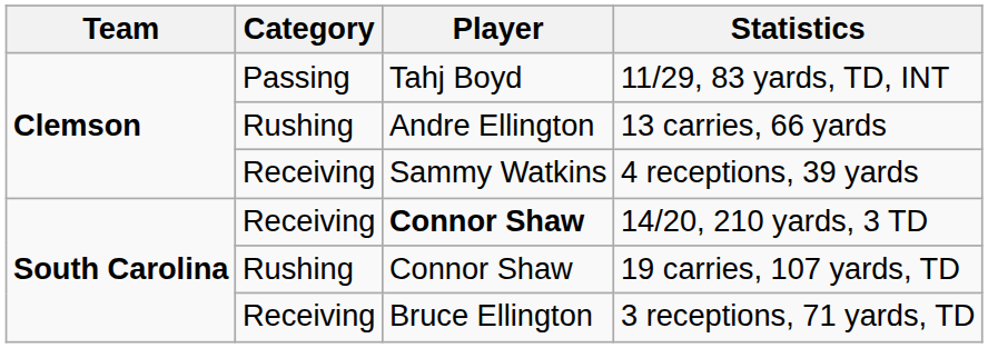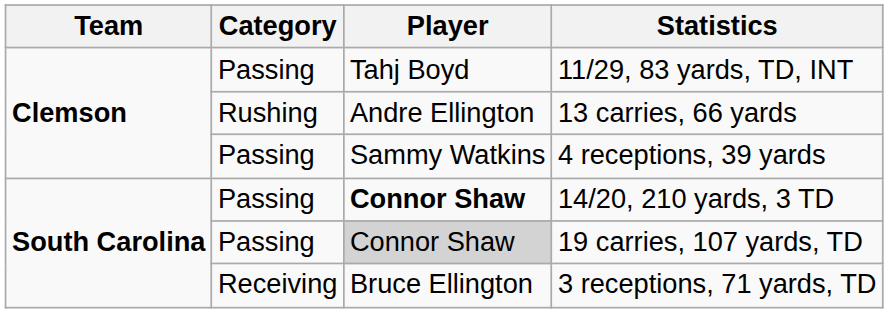 <table class="wikitable" style="float: right;">
 <tr>
 <th>Team</th>
 <th>Category</th>
 <th>Player</th>
 <th>Statistics</th>
 </tr>
 <tr>
 <td rowspan=3><strong>Clemson</strong></td>
 <td>Passing</td>
 <td>Tahj Boyd</td>
 <td>11/29, 83 yards, TD, INT</td>
 </tr>
 <tr>
 <td>Rushing</td>
 <td>Andre Ellington</td>
 <td>13 carries, 66 yards</td>
 </tr>
 <tr>
-<td>Receiving</td>
+<td>Passing</td>
 <td>Sammy Watkins</td>
 <td>4 receptions, 39 yards</td>
 </tr>
 <tr>
 <td rowspan=3><strong>South Carolina</strong></td>
-<td>Receiving</td>
+<td>Passing</td>
 <td><strong>Connor Shaw</strong></td>
 <td>14/20, 210 yards, 3 TD</td>
 </tr>
 <tr>
-<td>Rushing</td>
-<td>Connor Shaw</td>
+<td>Passing</td>
+<td style="background: lightgrey;">Connor Shaw</td>
 <td>19 carries, 107 yards, TD</td>
 </tr>
 <tr>
 <td>Receiving</td>
 <td>Bruce Ellington</td>
 <td>3 receptions, 71 yards, TD</td>
 </tr>
 </table>
